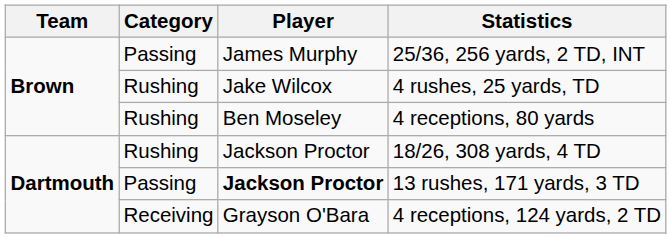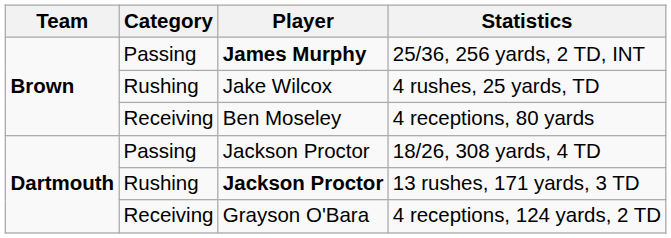 <table class="wikitable" style="float: right;">
 <tr>
 <th>Team</th>
 <th>Category</th>
 <th>Player</th>
 <th>Statistics</th>
 </tr>
 <tr>
 <td rowspan=3><strong>Brown</strong></td>
 <td>Passing</td>
-<td>James Murphy</td>
+<td><strong>James Murphy</strong></td>
 <td>25/36, 256 yards, 2 TD, INT</td>
 </tr>
 <tr>
 <td>Rushing</td>
 <td>Jake Wilcox</td>
 <td>4 rushes, 25 yards, TD</td>
 </tr>
 <tr>
-<td>Rushing</td>
+<td>Receiving</td>
 <td>Ben Moseley</td>
 <td>4 receptions, 80 yards</td>
 </tr>
 <tr>
 <td rowspan=3><strong>Dartmouth</strong></td>
-<td>Rushing</td>
+<td>Passing</td>
 <td>Jackson Proctor</td>
 <td>18/26, 308 yards, 4 TD</td>
 </tr>
 <tr>
-<td>Passing</td>
+<td>Rushing</td>
 <td><strong>Jackson Proctor</strong></td>
 <td>13 rushes, 171 yards, 3 TD</td>
 </tr>
 <tr>
 <td>Receiving</td>
 <td>Grayson O'Bara</td>
 <td>4 receptions, 124 yards, 2 TD</td>
 </tr>
 </table>
